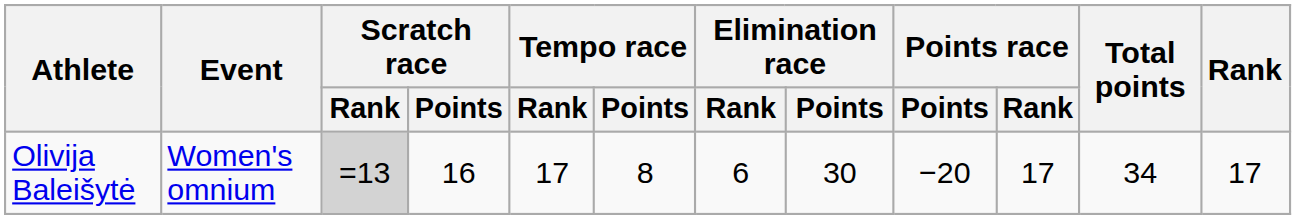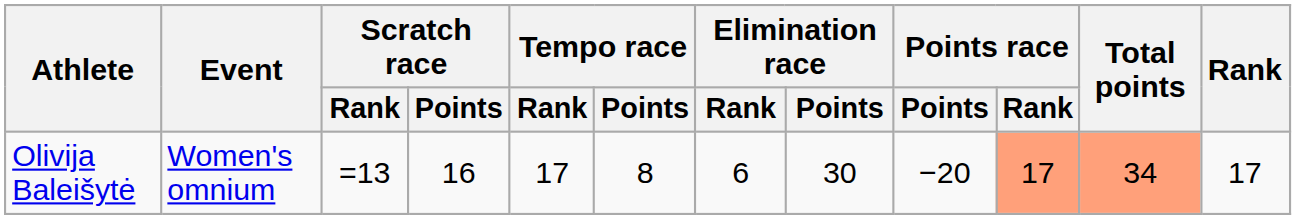 <table class="wikitable" style="font-size:90%">
 <tr>
 <th rowspan="2">Athlete</th>
 <th rowspan="2">Event</th>
 <th colspan=2>Scratch race</th>
 <th colspan="2">Tempo race</th>
 <th colspan=2>Elimination race</th>
 <th colspan=2>Points race</th>
 <th rowspan=2>Total points</th>
 <th rowspan=2>Rank</th>
 </tr>
 <tr style="font-size:95%">
 <th>Rank</th>
 <th>Points</th>
 <th>Rank</th>
 <th>Points</th>
 <th>Rank</th>
 <th>Points</th>
 <th>Points</th>
 <th>Rank</th>
 </tr>
 <tr align=center>
 <td align=left><a href='#'>Olivija Baleišytė</a></td>
 <td align=left><a href='#'>Women's omnium</a></td>
-<td style="background: lightgrey;">=13</td>
+<td>=13</td>
 <td>16</td>
 <td>17</td>
 <td>8</td>
 <td>6</td>
 <td>30</td>
 <td>−20</td>
-<td>17</td>
-<td>34</td>
+<td style="background: lightsalmon;">17</td>
+<td style="background: lightsalmon;">34</td>
 <td>17</td>
 </tr>
 </table>
